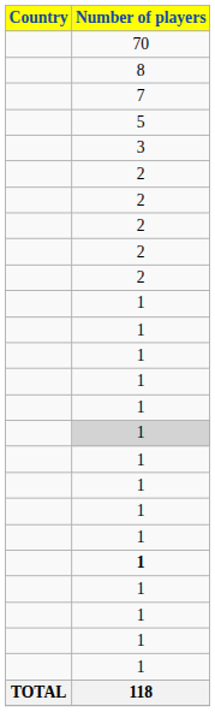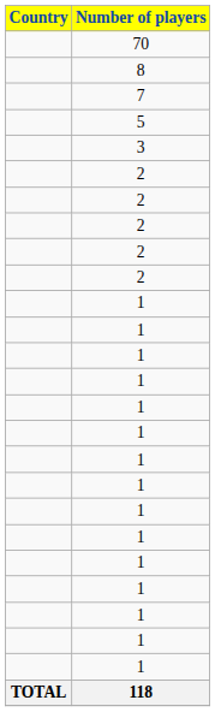 <table class="wikitable sortable">
 <tr>
 <th style="background-color:#FFFF00; color:#1047AB;" scope=col>Country</th>
 <th style="background-color:#FFFF00; color:#1047AB;" scope=col>Number of players</th>
 </tr>
 <tr>
 <td><strong></strong></td>
 <td align=center>70</td>
 </tr>
 <tr>
 <td><strong></strong></td>
 <td align=center>8</td>
 </tr>
 <tr>
 <td><strong></strong></td>
 <td align=center>7</td>
 </tr>
 <tr>
 <td><strong></strong></td>
 <td align=center>5</td>
 </tr>
 <tr>
 <td><strong></strong></td>
 <td align=center>3</td>
 </tr>
 <tr>
 <td><strong></strong></td>
 <td align=center>2</td>
 </tr>
 <tr>
 <td><strong></strong></td>
 <td align=center>2</td>
 </tr>
 <tr>
 <td><strong></strong></td>
 <td align=center>2</td>
 </tr>
 <tr>
 <td><strong></strong></td>
 <td align=center>2</td>
 </tr>
 <tr>
 <td><strong></strong></td>
 <td align=center>2</td>
 </tr>
 <tr>
 <td><strong></strong></td>
 <td align=center>1</td>
 </tr>
 <tr>
 <td><strong></strong></td>
 <td align=center>1</td>
 </tr>
 <tr>
 <td><strong></strong></td>
 <td align=center>1</td>
 </tr>
 <tr>
 <td><strong></strong></td>
 <td align=center>1</td>
 </tr>
 <tr>
 <td><strong></strong></td>
 <td align=center>1</td>
 </tr>
 <tr>
 <td><strong></strong></td>
-<td align=center style="background: lightgrey;">1</td>
+<td align=center>1</td>
 </tr>
 <tr>
 <td><strong></strong></td>
 <td align=center>1</td>
 </tr>
 <tr>
 <td><strong></strong></td>
 <td align=center>1</td>
 </tr>
 <tr>
 <td><strong></strong></td>
 <td align=center>1</td>
 </tr>
 <tr>
 <td><strong></strong></td>
 <td align=center>1</td>
 </tr>
 <tr>
 <td><strong></strong></td>
-<td align=center><strong>1</strong></td>
+<td align=center>1</td>
 </tr>
 <tr>
 <td><strong></strong></td>
 <td align=center>1</td>
 </tr>
 <tr>
 <td><strong></strong></td>
 <td align=center>1</td>
 </tr>
 <tr>
 <td><strong></strong></td>
 <td align=center>1</td>
 </tr>
 <tr>
 <td><strong></strong></td>
 <td align=center>1</td>
 </tr>
 <tr>
 <th>TOTAL</th>
 <th align="center">118</th>
 </tr>
 <tr>
 </tr>
 </table>
